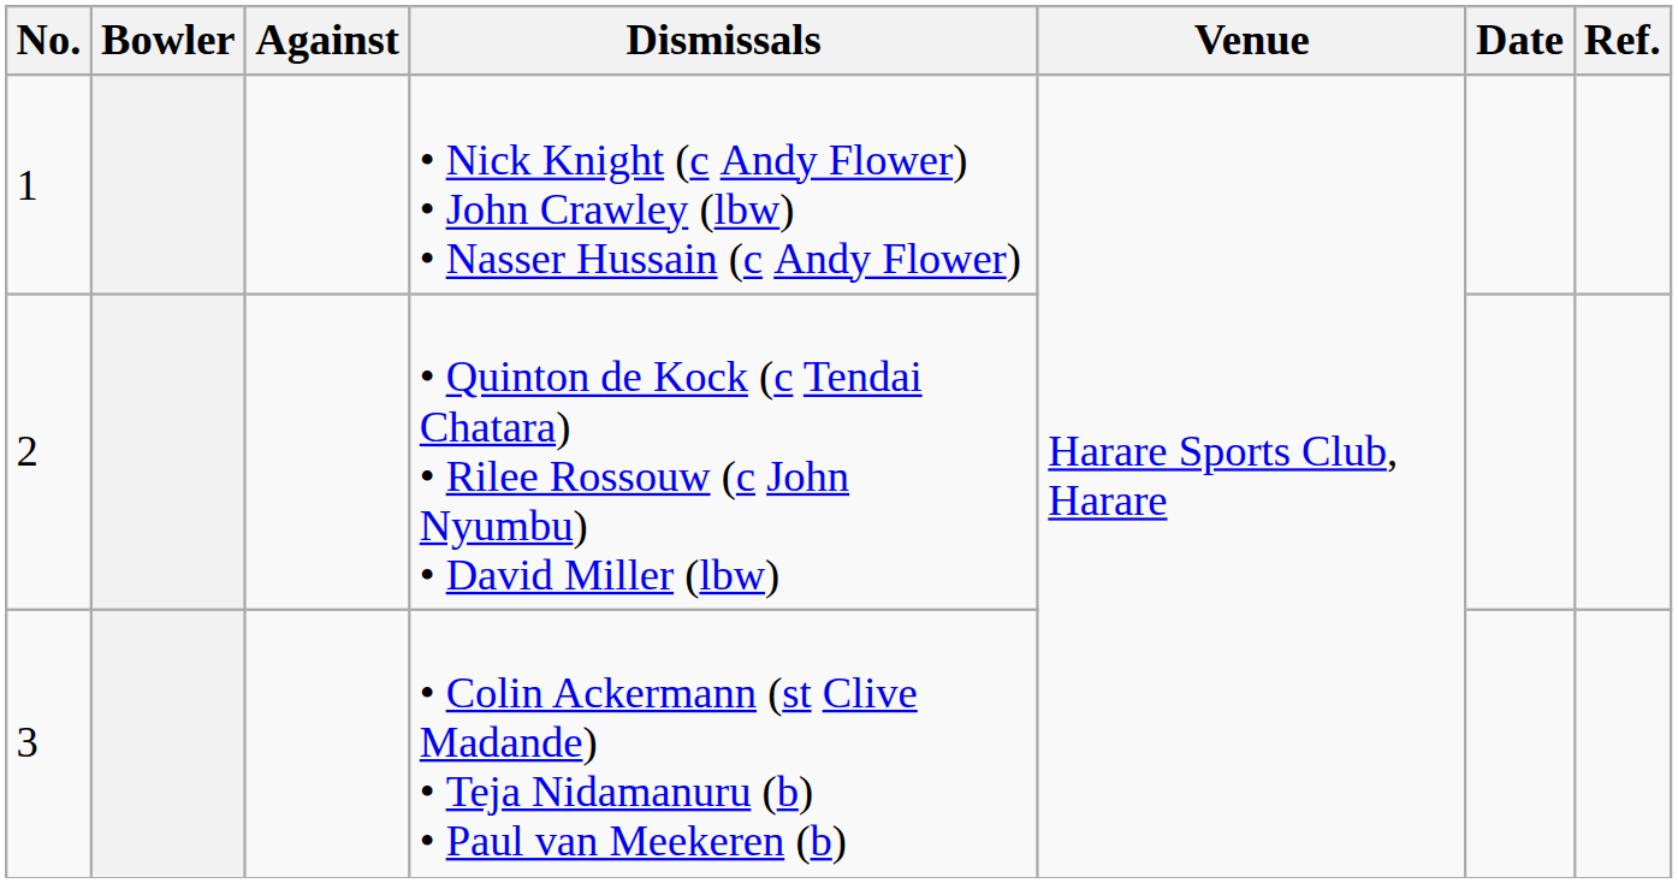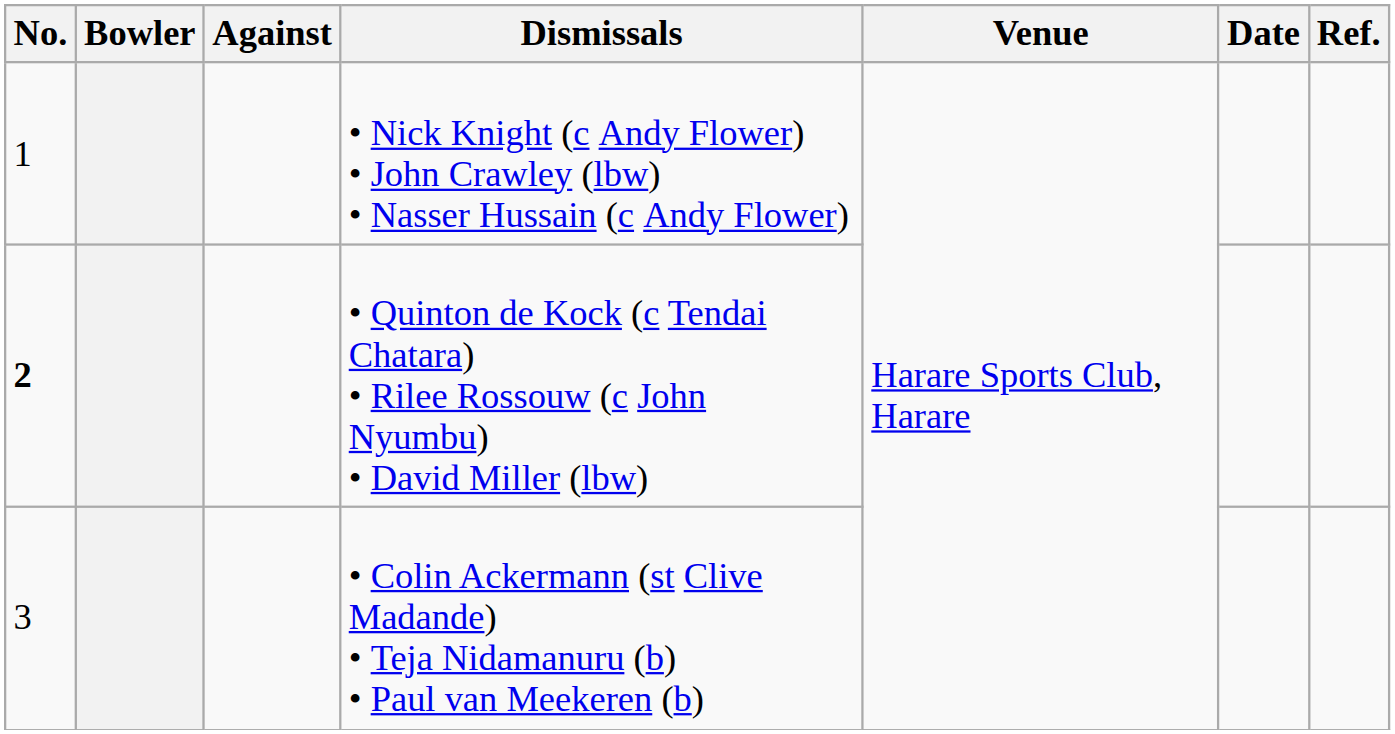 <table class="wikitable sortable plainrowheaders" style="font-size: 100%">
 <tr>
 <th scope="col">No.</th>
 <th scope="col">Bowler</th>
 <th scope="col">Against</th>
 <th scope="col">Dismissals</th>
 <th scope="col">Venue</th>
 <th scope="col">Date</th>
 <th scope="col" class="unsortable">Ref.</th>
 </tr>
 <tr>
 <td>1</td>
 <th scope="row"></th>
 <td></td>
 <td><br>• <a href='#'>Nick Knight</a> (<a href='#'>c</a> <a href='#'>Andy Flower</a>)<br> • <a href='#'>John Crawley</a> (<a href='#'>lbw</a>)<br> • <a href='#'>Nasser Hussain</a> (<a href='#'>c</a> <a href='#'>Andy Flower</a>)</td>
 <td rowspan=3> <a href='#'>Harare Sports Club</a>, <a href='#'>Harare</a></td>
 <td></td>
 <td></td>
 </tr>
 <tr>
-<td>2</td>
+<td><strong>2</strong></td>
 <th scope="row"></th>
 <td></td>
 <td><br>• <a href='#'>Quinton de Kock</a> (<a href='#'>c</a> <a href='#'>Tendai Chatara</a>)<br> • <a href='#'>Rilee Rossouw</a> (<a href='#'>c</a> <a href='#'>John Nyumbu</a>)<br> • <a href='#'>David Miller</a> (<a href='#'>lbw</a>)<br></td>
 <td></td>
 <td></td>
 </tr>
 <tr>
 <td>3</td>
 <th scope="row"></th>
 <td></td>
 <td><br>• <a href='#'>Colin Ackermann</a> (<a href='#'>st</a> <a href='#'>Clive Madande</a>)<br> • <a href='#'>Teja Nidamanuru</a> (<a href='#'>b</a>)<br> • <a href='#'>Paul van Meekeren</a> (<a href='#'>b</a>)<br></td>
 <td></td>
 <td></td>
 </tr>
 </table>
